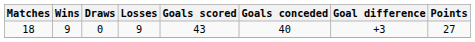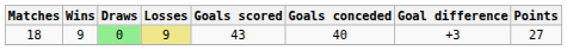 <table class="wikitable" | style="text-align:center;">
 <tr>
 <th>Matches</th>
 <th>Wins</th>
 <th>Draws</th>
 <th>Losses</th>
 <th>Goals scored</th>
 <th>Goals conceded</th>
 <th>Goal difference</th>
 <th>Points</th>
 </tr>
 <tr>
 <td>18</td>
 <td>9</td>
-<td>0</td>
-<td>9</td>
+<td style="background: lightgreen;">0</td>
+<td style="background: khaki;">9</td>
 <td>43</td>
 <td>40</td>
 <td>+3</td>
 <td>27</td>
 </tr>
 <tr>
 </tr>
 </table>
